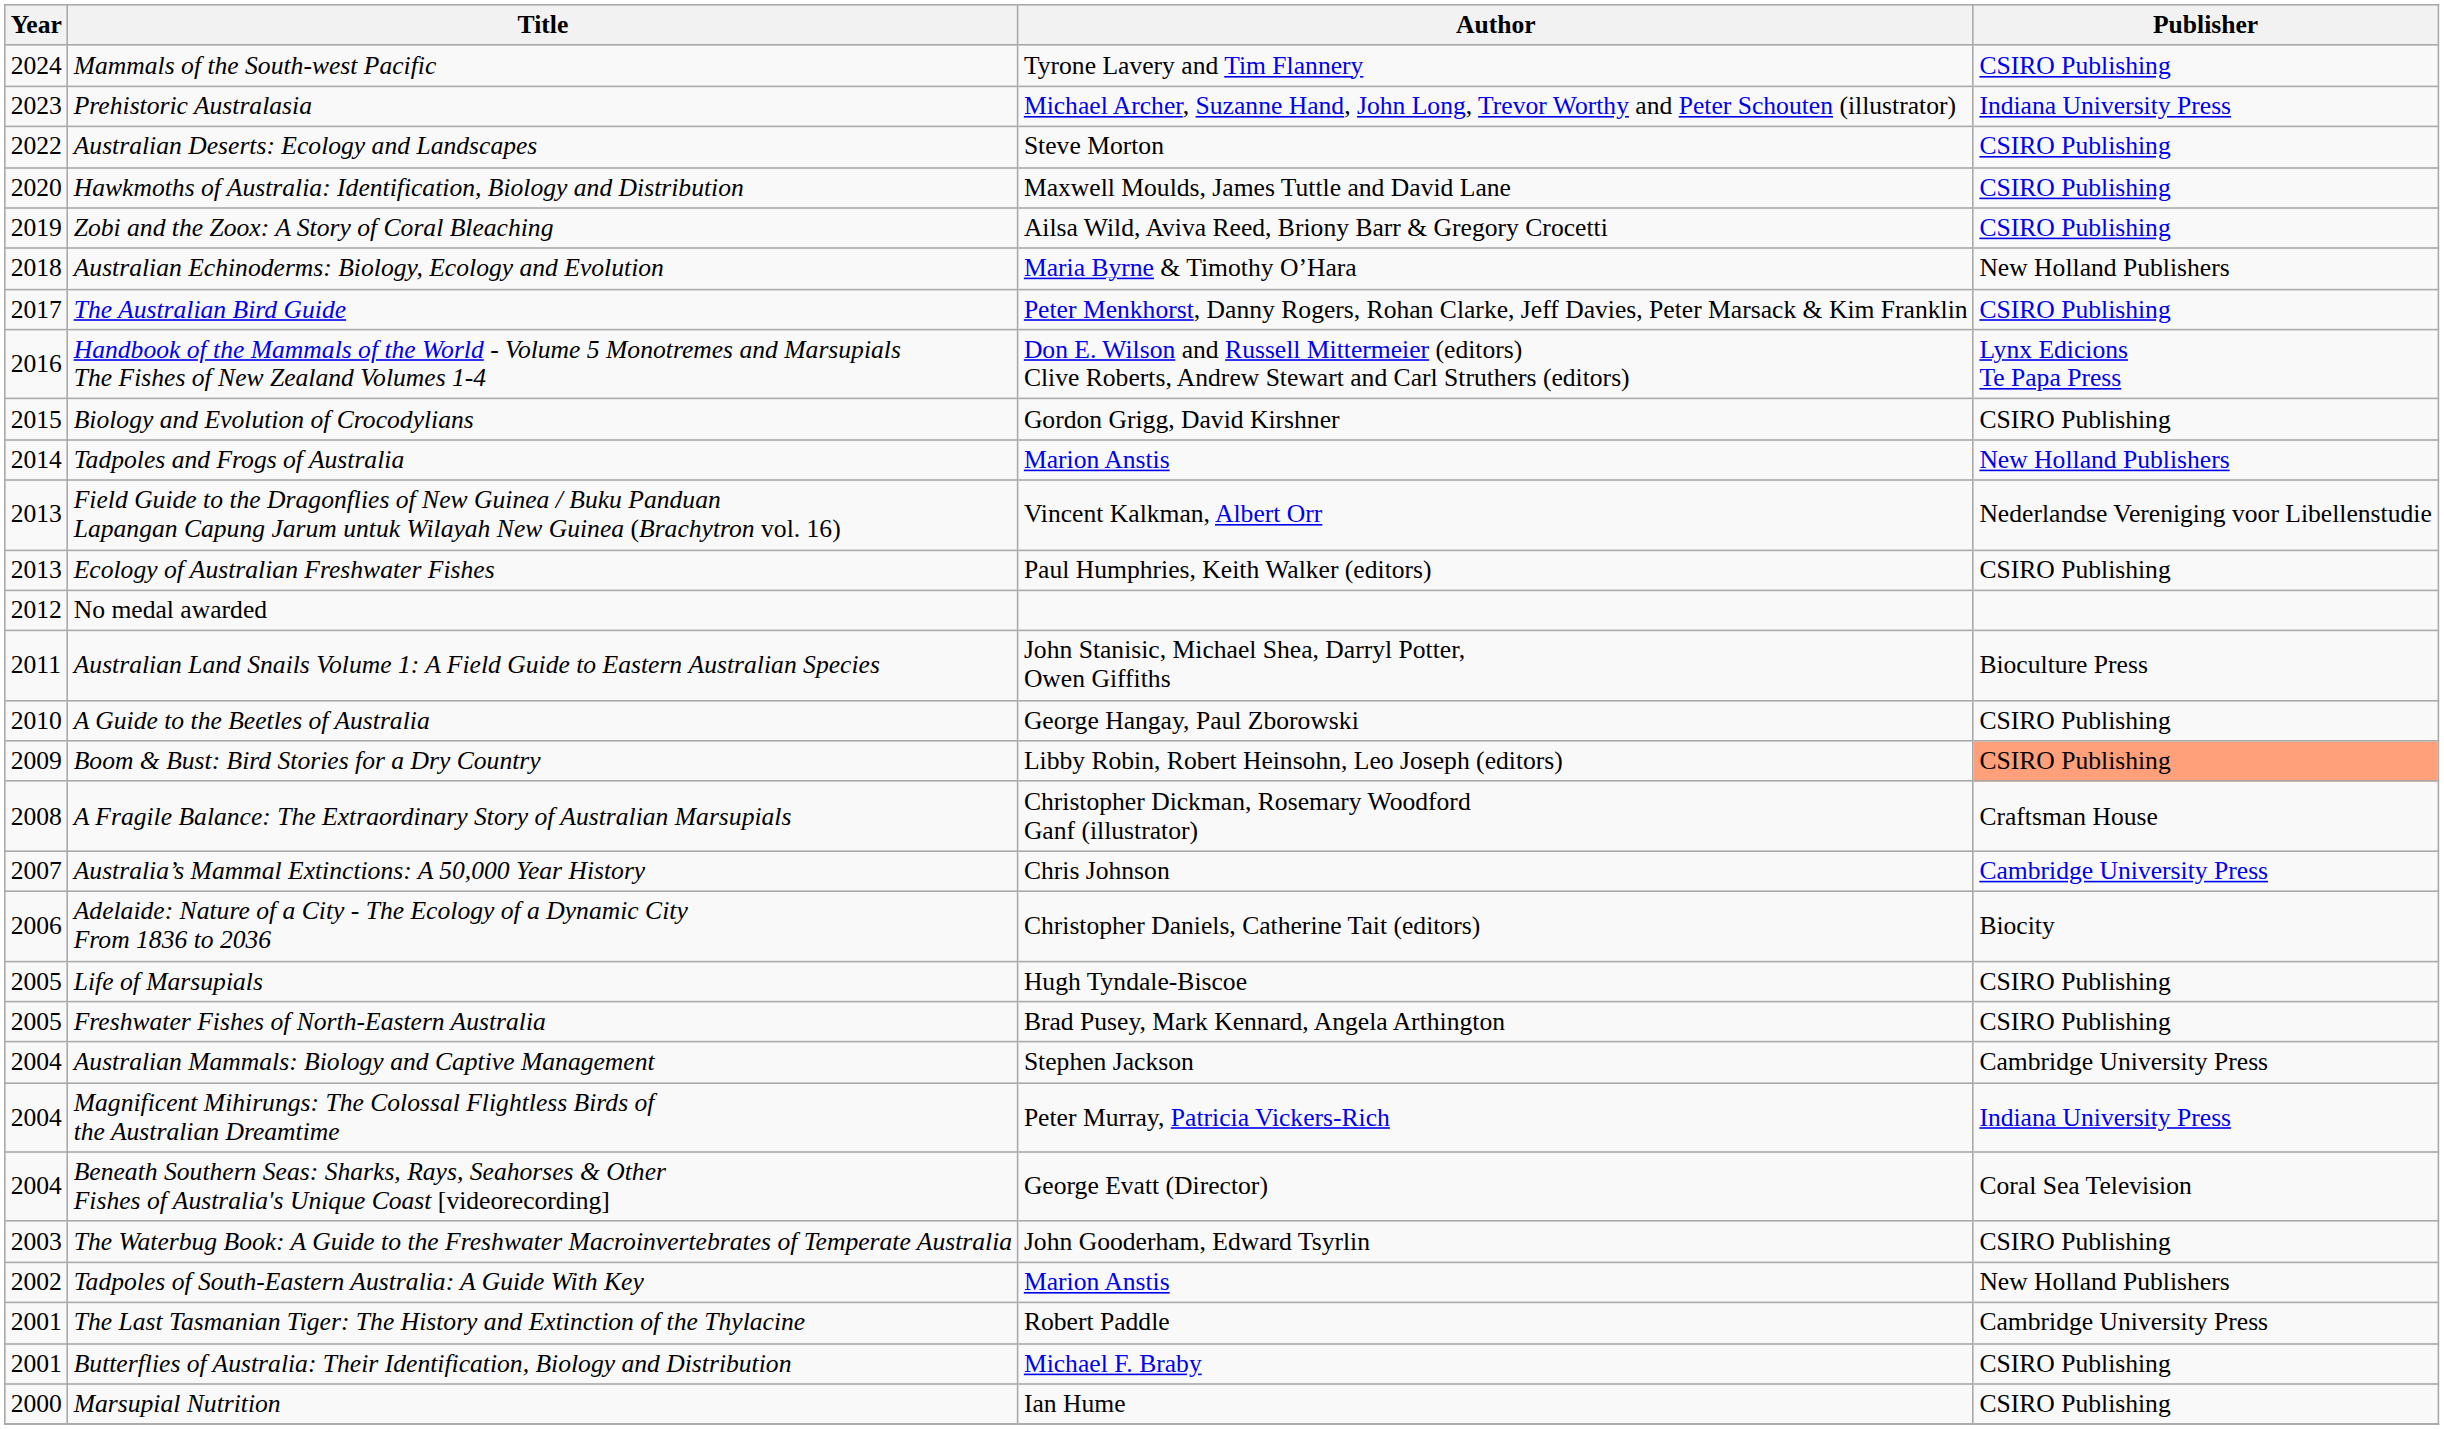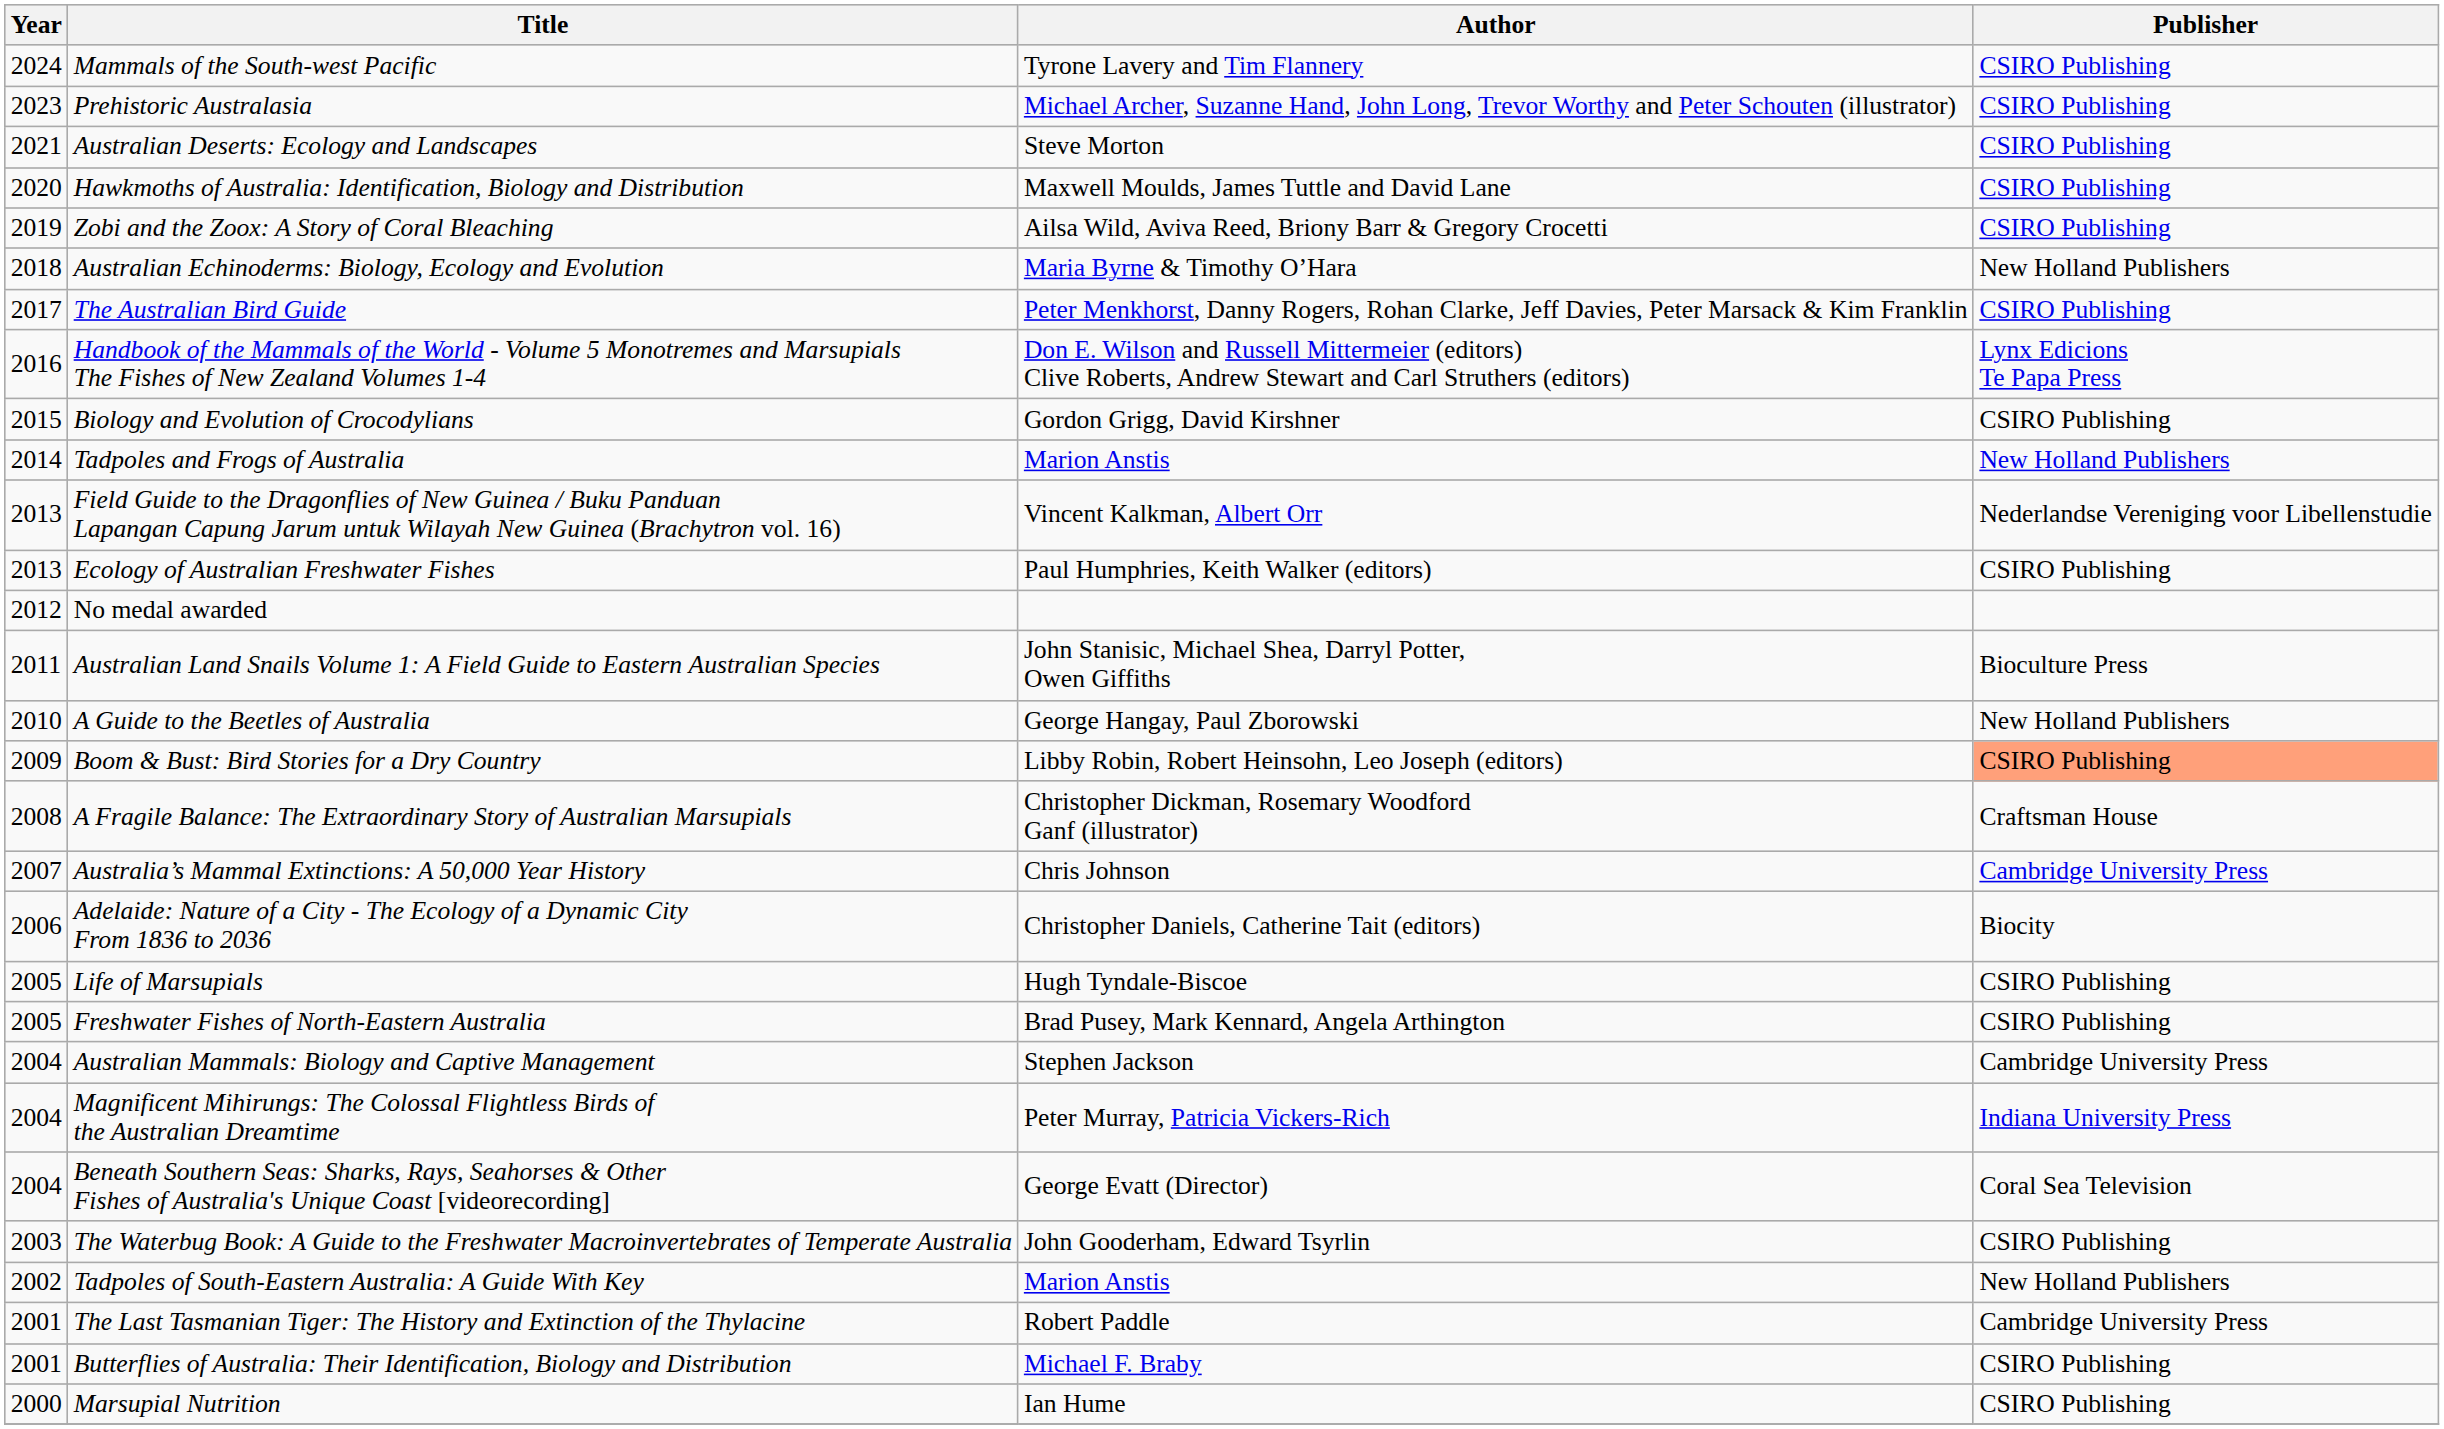 <table class="wikitable sortable">
 <tr>
 <th>Year</th>
 <th>Title</th>
 <th>Author</th>
 <th>Publisher</th>
 </tr>
 <tr>
 <td>2024</td>
 <td><em>Mammals of the South-west Pacific</em></td>
 <td>Tyrone Lavery and <a href='#'>Tim Flannery</a></td>
 <td><a href='#'>CSIRO Publishing</a></td>
 </tr>
 <tr>
 <td>2023</td>
 <td><em>Prehistoric Australasia</em></td>
 <td><a href='#'>Michael Archer</a>, <a href='#'>Suzanne Hand</a>, <a href='#'>John Long</a>, <a href='#'>Trevor Worthy</a> and <a href='#'>Peter Schouten</a> (illustrator)</td>
-<td><a href='#'>Indiana University Press</a></td>
+<td><a href='#'>CSIRO Publishing</a></td>
 </tr>
 <tr>
-<td>2022</td>
+<td>2021</td>
 <td><em>Australian Deserts: Ecology and Landscapes</em></td>
 <td>Steve Morton</td>
 <td><a href='#'>CSIRO Publishing</a></td>
 </tr>
 <tr>
 <td>2020</td>
 <td><em>Hawkmoths of Australia: Identification, Biology and Distribution</em></td>
 <td>Maxwell Moulds, James Tuttle and David Lane</td>
 <td><a href='#'>CSIRO Publishing</a></td>
 </tr>
 <tr>
 <td>2019</td>
 <td><em>Zobi and the Zoox: A Story of Coral Bleaching</em></td>
 <td>Ailsa Wild, Aviva Reed, Briony Barr & Gregory Crocetti</td>
 <td><a href='#'>CSIRO Publishing</a></td>
 </tr>
 <tr>
 <td>2018</td>
 <td><em>Australian Echinoderms: Biology, Ecology and Evolution</em></td>
 <td><a href='#'>Maria Byrne</a> & Timothy O’Hara</td>
 <td>New Holland Publishers</td>
 </tr>
 <tr>
 <td>2017</td>
 <td><em><a href='#'>The Australian Bird Guide</a></em></td>
 <td><a href='#'>Peter Menkhorst</a>, Danny Rogers, Rohan Clarke, Jeff Davies, Peter Marsack & Kim Franklin</td>
 <td><a href='#'>CSIRO Publishing</a></td>
 </tr>
 <tr>
 <td>2016</td>
 <td><em><a href='#'>Handbook of the Mammals of the World</a> - Volume 5 Monotremes and Marsupials</em><br><em>The Fishes of New Zealand Volumes 1-4</em></td>
 <td><a href='#'>Don E. Wilson</a> and <a href='#'>Russell Mittermeier</a> (editors)<br>Clive Roberts, Andrew Stewart and Carl Struthers (editors)</td>
 <td><a href='#'>Lynx Edicions</a><br><a href='#'>Te Papa Press</a></td>
 </tr>
 <tr>
 <td>2015</td>
 <td><em>Biology and Evolution of Crocodylians</em></td>
 <td>Gordon Grigg, David Kirshner</td>
 <td>CSIRO Publishing</td>
 </tr>
 <tr>
 <td>2014</td>
 <td><em>Tadpoles and Frogs of Australia</em></td>
 <td><a href='#'>Marion Anstis</a></td>
 <td><a href='#'>New Holland Publishers</a></td>
 </tr>
 <tr>
 <td>2013</td>
 <td><em>Field Guide to the Dragonflies of New Guinea / Buku Panduan</em><br><em>Lapangan Capung Jarum untuk Wilayah New Guinea</em>  (<em>Brachytron</em> vol. 16)</td>
 <td>Vincent Kalkman, <a href='#'>Albert Orr</a></td>
 <td>Nederlandse Vereniging voor Libellenstudie</td>
 </tr>
 <tr>
 <td>2013</td>
 <td><em>Ecology of Australian Freshwater Fishes</em></td>
 <td>Paul Humphries, Keith Walker (editors)</td>
 <td>CSIRO Publishing</td>
 </tr>
 <tr>
 <td>2012</td>
 <td>No medal awarded</td>
 <td></td>
 <td></td>
 </tr>
 <tr>
 <td>2011</td>
 <td><em>Australian Land Snails Volume 1: A Field Guide to Eastern</em> <em>Australian Species</em></td>
 <td>John Stanisic, Michael Shea, Darryl Potter,<br>Owen Giffiths</td>
 <td>Bioculture Press</td>
 </tr>
 <tr>
 <td>2010</td>
 <td><em>A Guide to the Beetles of Australia</em></td>
 <td>George Hangay, Paul Zborowski</td>
-<td>CSIRO Publishing</td>
+<td>New Holland Publishers</td>
 </tr>
 <tr>
 <td>2009</td>
 <td><em>Boom & Bust: Bird Stories for a Dry Country</em></td>
 <td>Libby Robin, Robert Heinsohn, Leo Joseph (editors)</td>
 <td style="background: lightsalmon;">CSIRO Publishing</td>
 </tr>
 <tr>
 <td>2008</td>
 <td><em>A Fragile Balance: The Extraordinary Story of Australian</em> <em>Marsupials</em></td>
 <td>Christopher Dickman, Rosemary Woodford<br>Ganf (illustrator)</td>
 <td>Craftsman House</td>
 </tr>
 <tr>
 <td>2007</td>
 <td><em>Australia’s Mammal Extinctions: A 50,000 Year History</em></td>
 <td>Chris Johnson</td>
 <td><a href='#'>Cambridge University Press</a></td>
 </tr>
 <tr>
 <td>2006</td>
 <td><em>Adelaide: Nature of a City - The Ecology of a Dynamic City</em><br><em>From 1836 to 2036</em></td>
 <td>Christopher Daniels, Catherine Tait (editors)</td>
 <td>Biocity</td>
 </tr>
 <tr>
 <td>2005</td>
 <td><em>Life of Marsupials</em></td>
 <td>Hugh Tyndale-Biscoe</td>
 <td>CSIRO Publishing</td>
 </tr>
 <tr>
 <td>2005</td>
 <td><em>Freshwater Fishes of North-Eastern Australia</em></td>
 <td>Brad Pusey, Mark Kennard, Angela Arthington</td>
 <td>CSIRO Publishing</td>
 </tr>
 <tr>
 <td>2004</td>
 <td><em>Australian Mammals: Biology and Captive Management</em></td>
 <td>Stephen Jackson</td>
 <td>Cambridge University Press</td>
 </tr>
 <tr>
 <td>2004</td>
 <td><em>Magnificent Mihirungs: The Colossal Flightless Birds of</em><br><em>the Australian Dreamtime</em></td>
 <td>Peter Murray, <a href='#'>Patricia Vickers-Rich</a></td>
 <td><a href='#'>Indiana University Press</a></td>
 </tr>
 <tr>
 <td>2004</td>
 <td><em>Beneath Southern Seas: Sharks, Rays, Seahorses & Other</em><br><em>Fishes of Australia's Unique Coast</em> [videorecording]</td>
 <td>George Evatt (Director)</td>
 <td>Coral Sea Television</td>
 </tr>
 <tr>
 <td>2003</td>
 <td><em>The Waterbug Book: A Guide to the Freshwater Macroinvertebrates</em> <em>of Temperate Australia</em></td>
 <td>John Gooderham, Edward Tsyrlin</td>
 <td>CSIRO Publishing</td>
 </tr>
 <tr>
 <td>2002</td>
 <td><em>Tadpoles of South-Eastern Australia: A Guide With Key</em></td>
 <td><a href='#'>Marion Anstis</a></td>
 <td>New Holland Publishers</td>
 </tr>
 <tr>
 <td>2001</td>
 <td><em>The Last Tasmanian Tiger: The History and Extinction of the</em> <em>Thylacine</em></td>
 <td>Robert Paddle</td>
 <td>Cambridge University Press</td>
 </tr>
 <tr>
 <td>2001</td>
 <td><em>Butterflies of Australia: Their Identification, Biology and</em> <em>Distribution</em></td>
 <td><a href='#'>Michael F. Braby</a></td>
 <td>CSIRO Publishing</td>
 </tr>
 <tr>
 <td>2000</td>
 <td><em>Marsupial Nutrition</em></td>
 <td>Ian Hume</td>
 <td>CSIRO Publishing</td>
 </tr>
 <tr>
 </tr>
 </table>
